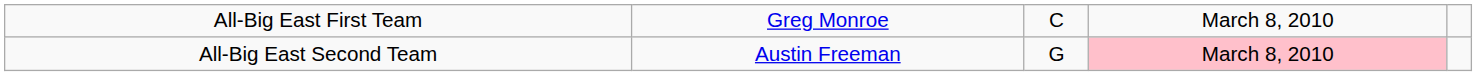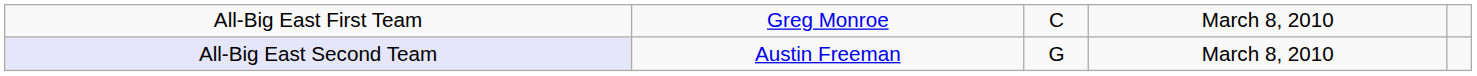 <table class="wikitable" style="width: 90%;text-align: center;">
 <tr align="center">
 <td rowspan="1">All-Big East First Team</td>
 <td><a href='#'>Greg Monroe</a></td>
 <td>C</td>
 <td>March 8, 2010</td>
 <td></td>
 </tr>
 <tr align="center">
-<td rowspan="1">All-Big East Second Team</td>
+<td rowspan="1" style="background: lavender;">All-Big East Second Team</td>
 <td><a href='#'>Austin Freeman</a></td>
 <td>G</td>
-<td style="background: pink;">March 8, 2010</td>
+<td>March 8, 2010</td>
 <td></td>
 </tr>
 </table>
